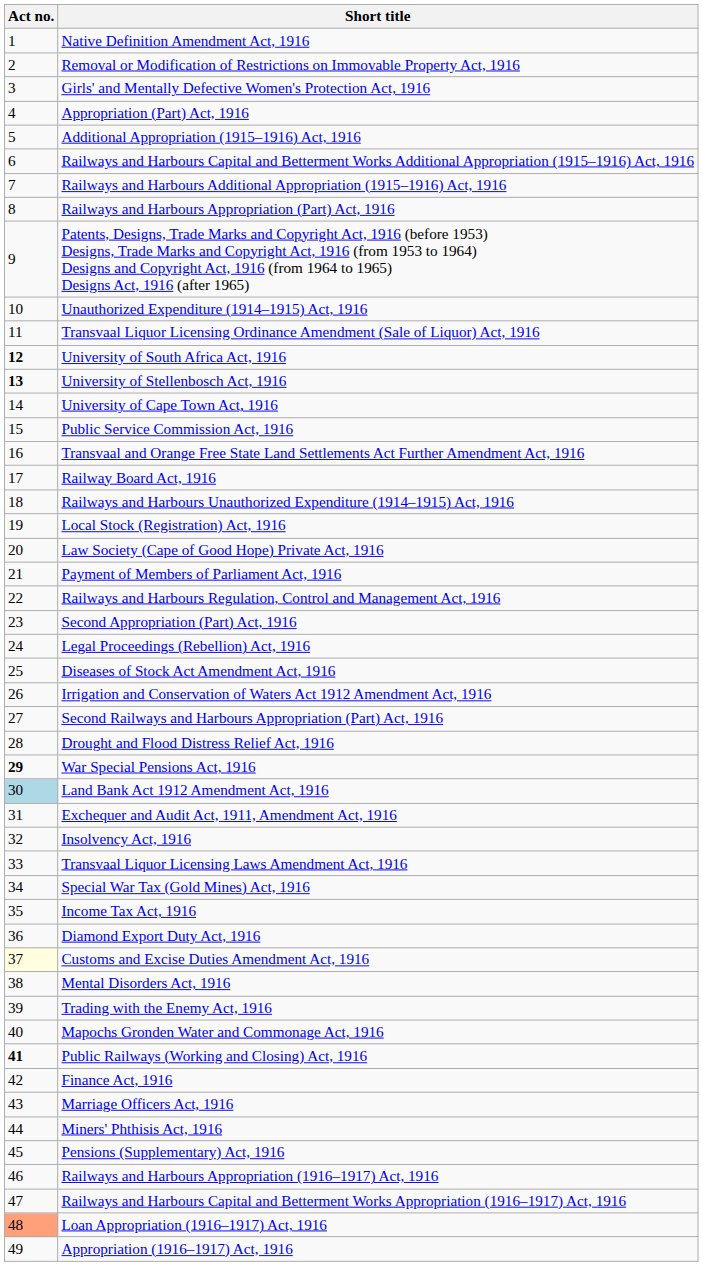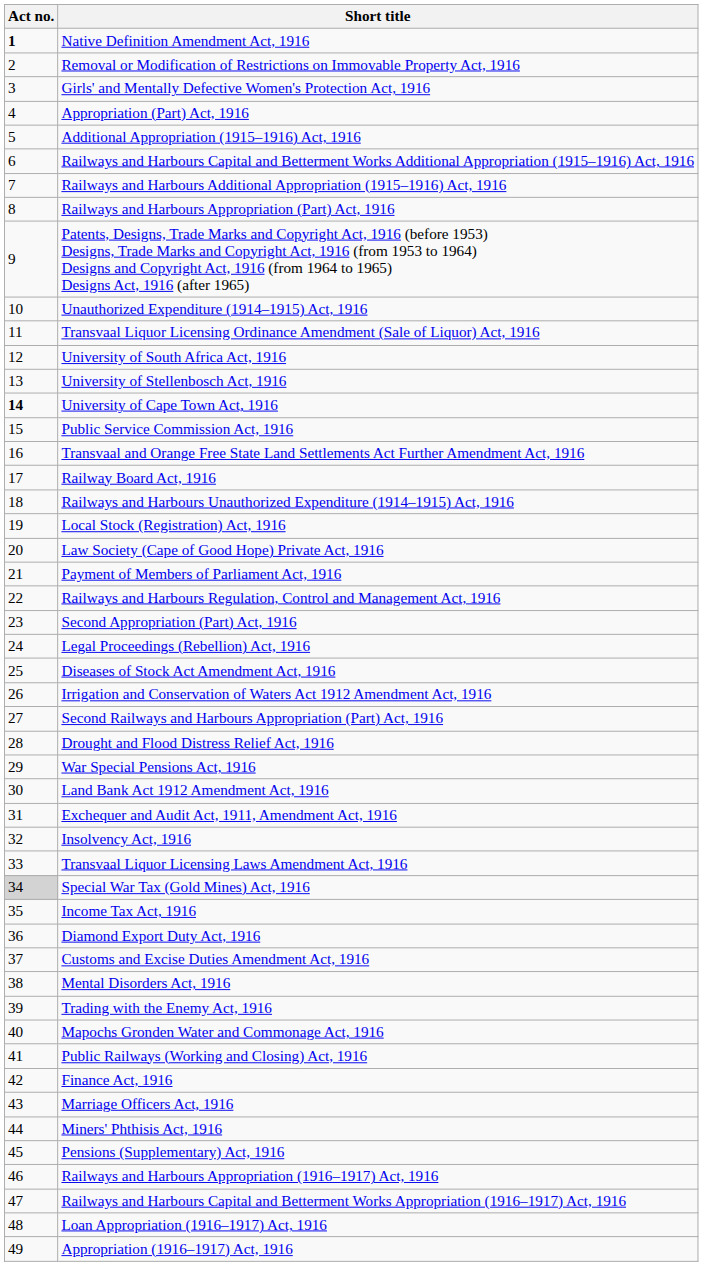 <table class="wikitable sortable">
 <tr>
 <th>Act no.</th>
 <th>Short title</th>
 </tr>
 <tr>
-<td>1</td>
+<td><strong>1</strong></td>
 <td><a href='#'>Native Definition Amendment Act, 1916</a></td>
 </tr>
 <tr>
 <td>2</td>
 <td><a href='#'>Removal or Modification of Restrictions on Immovable Property Act, 1916</a></td>
 </tr>
 <tr>
 <td>3</td>
 <td><a href='#'>Girls' and Mentally Defective Women's Protection Act, 1916</a></td>
 </tr>
 <tr>
 <td>4</td>
 <td><a href='#'>Appropriation (Part) Act, 1916</a></td>
 </tr>
 <tr>
 <td>5</td>
 <td><a href='#'>Additional Appropriation (1915–1916) Act, 1916</a></td>
 </tr>
 <tr>
 <td>6</td>
 <td><a href='#'>Railways and Harbours Capital and Betterment Works Additional Appropriation (1915–1916) Act, 1916</a></td>
 </tr>
 <tr>
 <td>7</td>
 <td><a href='#'>Railways and Harbours Additional Appropriation (1915–1916) Act, 1916</a></td>
 </tr>
 <tr>
 <td>8</td>
 <td><a href='#'>Railways and Harbours Appropriation (Part) Act, 1916</a></td>
 </tr>
 <tr>
 <td>9</td>
 <td><a href='#'>Patents, Designs, Trade Marks and Copyright Act, 1916</a> (before 1953)<br> <a href='#'>Designs, Trade Marks and Copyright Act, 1916</a> (from 1953 to 1964) <br><a href='#'>Designs and Copyright Act, 1916</a> (from 1964 to 1965) <br><a href='#'>Designs Act, 1916</a> (after 1965)</td>
 </tr>
 <tr>
 <td>10</td>
 <td><a href='#'>Unauthorized Expenditure (1914–1915) Act, 1916</a></td>
 </tr>
 <tr>
 <td>11</td>
 <td><a href='#'>Transvaal Liquor Licensing Ordinance Amendment (Sale of Liquor) Act, 1916</a></td>
 </tr>
 <tr>
-<td><strong>12</strong></td>
+<td>12</td>
 <td><a href='#'>University of South Africa Act, 1916</a></td>
 </tr>
 <tr>
-<td><strong>13</strong></td>
+<td>13</td>
 <td><a href='#'>University of Stellenbosch Act, 1916</a></td>
 </tr>
 <tr>
-<td>14</td>
+<td><strong>14</strong></td>
 <td><a href='#'>University of Cape Town Act, 1916</a></td>
 </tr>
 <tr>
 <td>15</td>
 <td><a href='#'>Public Service Commission Act, 1916</a></td>
 </tr>
 <tr>
 <td>16</td>
 <td><a href='#'>Transvaal and Orange Free State Land Settlements Act Further Amendment Act, 1916</a></td>
 </tr>
 <tr>
 <td>17</td>
 <td><a href='#'>Railway Board Act, 1916</a></td>
 </tr>
 <tr>
 <td>18</td>
 <td><a href='#'>Railways and Harbours Unauthorized Expenditure (1914–1915) Act, 1916</a></td>
 </tr>
 <tr>
 <td>19</td>
 <td><a href='#'>Local Stock (Registration) Act, 1916</a></td>
 </tr>
 <tr>
 <td>20</td>
 <td><a href='#'>Law Society (Cape of Good Hope) Private Act, 1916</a></td>
 </tr>
 <tr>
 <td>21</td>
 <td><a href='#'>Payment of Members of Parliament Act, 1916</a></td>
 </tr>
 <tr>
 <td>22</td>
 <td><a href='#'>Railways and Harbours Regulation, Control and Management Act, 1916</a></td>
 </tr>
 <tr>
 <td>23</td>
 <td><a href='#'>Second Appropriation (Part) Act, 1916</a></td>
 </tr>
 <tr>
 <td>24</td>
 <td><a href='#'>Legal Proceedings (Rebellion) Act, 1916</a></td>
 </tr>
 <tr>
 <td>25</td>
 <td><a href='#'>Diseases of Stock Act Amendment Act, 1916</a></td>
 </tr>
 <tr>
 <td>26</td>
 <td><a href='#'>Irrigation and Conservation of Waters Act 1912 Amendment Act, 1916</a></td>
 </tr>
 <tr>
 <td>27</td>
 <td><a href='#'>Second Railways and Harbours Appropriation (Part) Act, 1916</a></td>
 </tr>
 <tr>
 <td>28</td>
 <td><a href='#'>Drought and Flood Distress Relief Act, 1916</a></td>
 </tr>
 <tr>
-<td><strong>29</strong></td>
+<td>29</td>
 <td><a href='#'>War Special Pensions Act, 1916</a></td>
 </tr>
 <tr>
-<td style="background: lightblue;">30</td>
+<td>30</td>
 <td><a href='#'>Land Bank Act 1912 Amendment Act, 1916</a></td>
 </tr>
 <tr>
 <td>31</td>
 <td><a href='#'>Exchequer and Audit Act, 1911, Amendment Act, 1916</a></td>
 </tr>
 <tr>
 <td>32</td>
 <td><a href='#'>Insolvency Act, 1916</a></td>
 </tr>
 <tr>
 <td>33</td>
 <td><a href='#'>Transvaal Liquor Licensing Laws Amendment Act, 1916</a></td>
 </tr>
 <tr>
-<td>34</td>
+<td style="background: lightgrey;">34</td>
 <td><a href='#'>Special War Tax (Gold Mines) Act, 1916</a></td>
 </tr>
 <tr>
 <td>35</td>
 <td><a href='#'>Income Tax Act, 1916</a></td>
 </tr>
 <tr>
 <td>36</td>
 <td><a href='#'>Diamond Export Duty Act, 1916</a></td>
 </tr>
 <tr>
-<td style="background: lightyellow;">37</td>
+<td>37</td>
 <td><a href='#'>Customs and Excise Duties Amendment Act, 1916</a></td>
 </tr>
 <tr>
 <td>38</td>
 <td><a href='#'>Mental Disorders Act, 1916</a></td>
 </tr>
 <tr>
 <td>39</td>
 <td><a href='#'>Trading with the Enemy Act, 1916</a></td>
 </tr>
 <tr>
 <td>40</td>
 <td><a href='#'>Mapochs Gronden Water and Commonage Act, 1916</a></td>
 </tr>
 <tr>
-<td><strong>41</strong></td>
+<td>41</td>
 <td><a href='#'>Public Railways (Working and Closing) Act, 1916</a></td>
 </tr>
 <tr>
 <td>42</td>
 <td><a href='#'>Finance Act, 1916</a></td>
 </tr>
 <tr>
 <td>43</td>
 <td><a href='#'>Marriage Officers Act, 1916</a></td>
 </tr>
 <tr>
 <td>44</td>
 <td><a href='#'>Miners' Phthisis Act, 1916</a></td>
 </tr>
 <tr>
 <td>45</td>
 <td><a href='#'>Pensions (Supplementary) Act, 1916</a></td>
 </tr>
 <tr>
 <td>46</td>
 <td><a href='#'>Railways and Harbours Appropriation (1916–1917) Act, 1916</a></td>
 </tr>
 <tr>
 <td>47</td>
 <td><a href='#'>Railways and Harbours Capital and Betterment Works Appropriation (1916–1917) Act, 1916</a></td>
 </tr>
 <tr>
-<td style="background: lightsalmon;">48</td>
+<td>48</td>
 <td><a href='#'>Loan Appropriation (1916–1917) Act, 1916</a></td>
 </tr>
 <tr>
 <td>49</td>
 <td><a href='#'>Appropriation (1916–1917) Act, 1916</a></td>
 </tr>
 </table>
